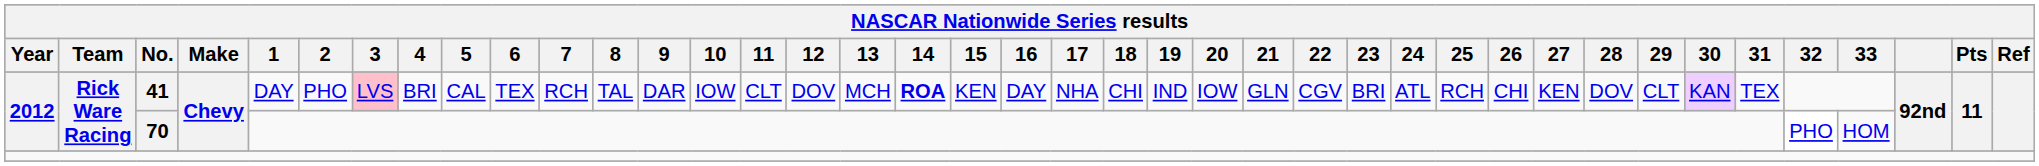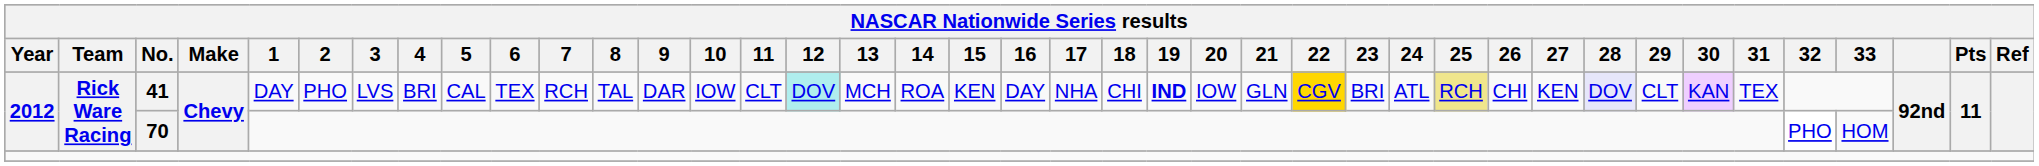 <table class="wikitable" style="text-align:center; font-size:75%">
 <tr>
 <th colspan=40><a href='#'>NASCAR Nationwide Series</a> results</th>
 </tr>
 <tr>
 <th>Year</th>
 <th>Team</th>
 <th>No.</th>
 <th>Make</th>
 <th>1</th>
 <th>2</th>
 <th>3</th>
 <th>4</th>
 <th>5</th>
 <th>6</th>
 <th>7</th>
 <th>8</th>
 <th>9</th>
 <th>10</th>
 <th>11</th>
 <th>12</th>
 <th>13</th>
 <th>14</th>
 <th>15</th>
 <th>16</th>
 <th>17</th>
 <th>18</th>
 <th>19</th>
 <th>20</th>
 <th>21</th>
 <th>22</th>
 <th>23</th>
 <th>24</th>
 <th>25</th>
 <th>26</th>
 <th>27</th>
 <th>28</th>
 <th>29</th>
 <th>30</th>
 <th>31</th>
 <th>32</th>
 <th>33</th>
 <th></th>
 <th>Pts</th>
 <th>Ref</th>
 </tr>
 <tr>
 <th rowspan=2><a href='#'>2012</a></th>
 <th rowspan=2><a href='#'>Rick Ware Racing</a></th>
 <th>41</th>
 <th rowspan=2><a href='#'>Chevy</a></th>
 <td><a href='#'>DAY</a></td>
 <td><a href='#'>PHO</a></td>
-<td style="background: pink;"><a href='#'>LVS</a></td>
+<td><a href='#'>LVS</a></td>
 <td><a href='#'>BRI</a></td>
 <td><a href='#'>CAL</a></td>
 <td><a href='#'>TEX</a></td>
 <td><a href='#'>RCH</a></td>
 <td><a href='#'>TAL</a></td>
 <td><a href='#'>DAR</a></td>
 <td><a href='#'>IOW</a></td>
 <td><a href='#'>CLT</a></td>
-<td><a href='#'>DOV</a></td>
+<td style="background: paleturquoise;"><a href='#'>DOV</a></td>
 <td><a href='#'>MCH</a></td>
-<td><strong><a href='#'>ROA</a></strong></td>
+<td><a href='#'>ROA</a></td>
 <td><a href='#'>KEN</a></td>
 <td><a href='#'>DAY</a></td>
 <td><a href='#'>NHA</a></td>
 <td><a href='#'>CHI</a></td>
-<td><a href='#'>IND</a></td>
+<td><strong><a href='#'>IND</a></strong></td>
 <td><a href='#'>IOW</a></td>
 <td><a href='#'>GLN</a></td>
-<td><a href='#'>CGV</a></td>
+<td style="background: gold;"><a href='#'>CGV</a></td>
 <td><a href='#'>BRI</a></td>
 <td><a href='#'>ATL</a></td>
-<td><a href='#'>RCH</a></td>
+<td style="background: khaki;"><a href='#'>RCH</a></td>
 <td><a href='#'>CHI</a></td>
 <td><a href='#'>KEN</a></td>
-<td><a href='#'>DOV</a></td>
+<td style="background: lavender;"><a href='#'>DOV</a></td>
 <td><a href='#'>CLT</a></td>
 <td style="background:#EFCFFF;"><a href='#'>KAN</a><br></td>
 <td><a href='#'>TEX</a></td>
 <td colspan=2></td>
 <th rowspan=2>92nd</th>
 <th rowspan=2>11</th>
 <th rowspan=2></th>
 </tr>
 <tr>
 <th>70</th>
 <td colspan=31></td>
 <td style="background:#FFFFFF;"><a href='#'>PHO</a><br></td>
 <td><a href='#'>HOM</a></td>
 </tr>
 <tr>
 <td colspan=40></td>
 </tr>
 </table>
